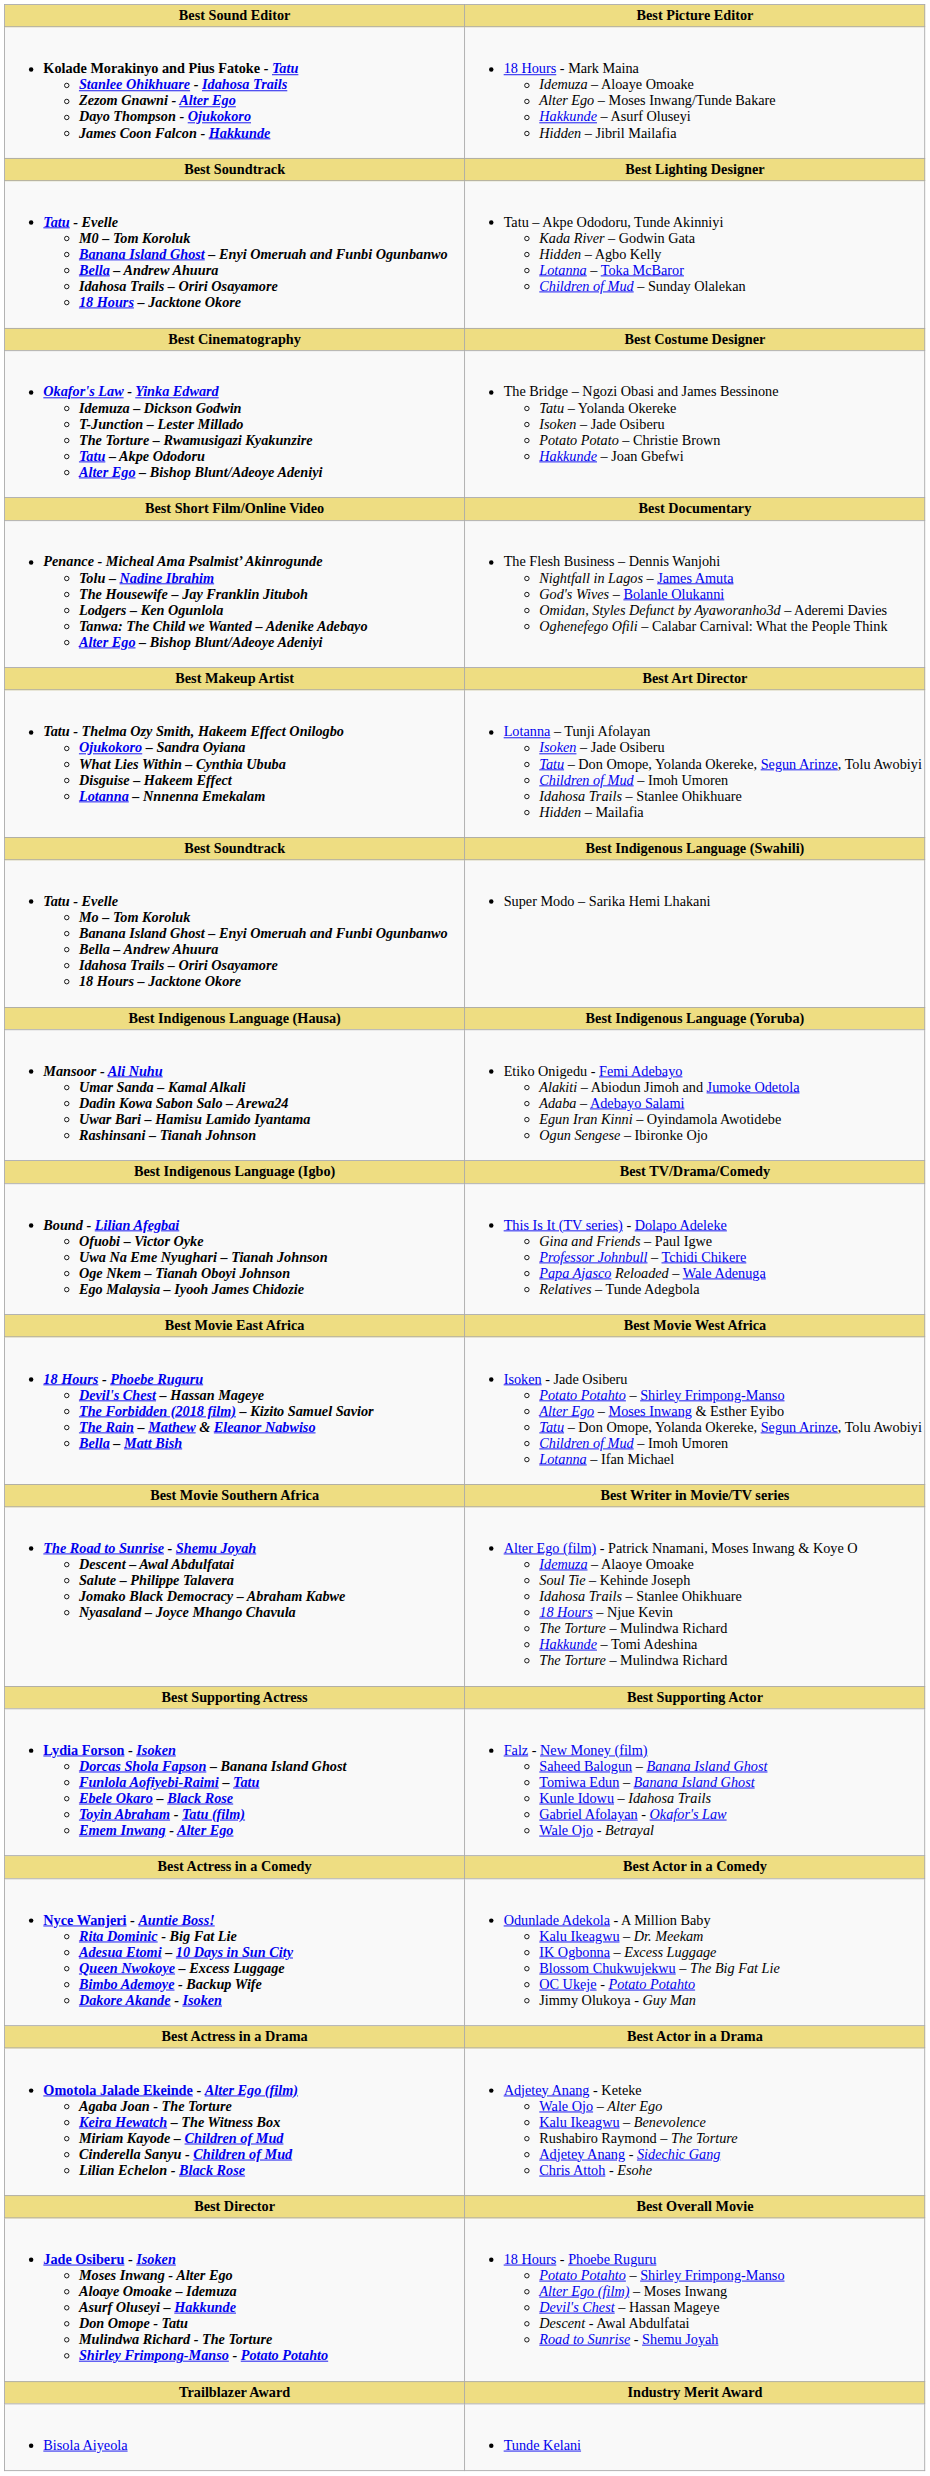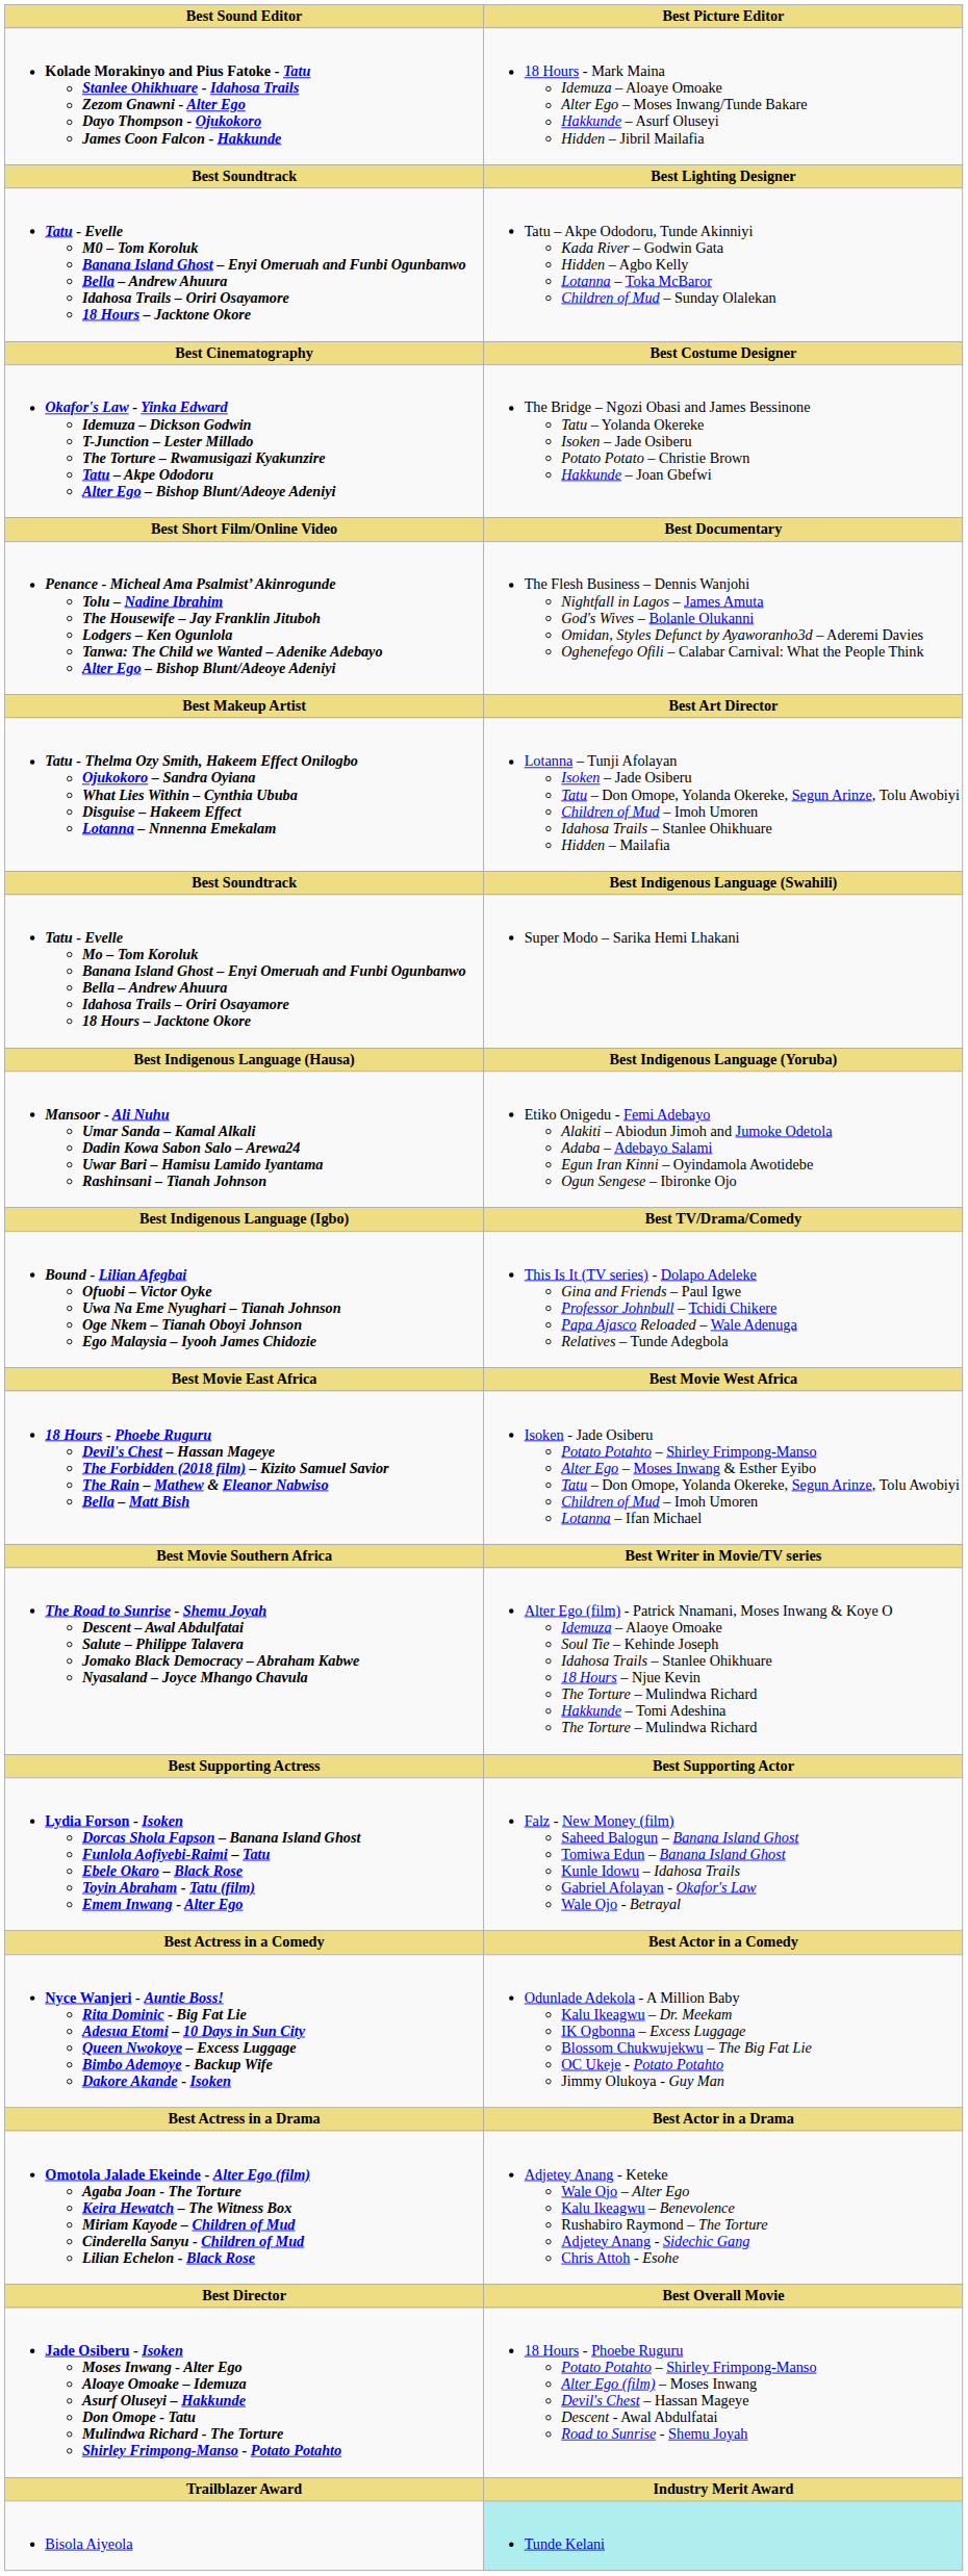 <table class="wikitable">
 <tr>
 <th style="background:#EEDD82; width:50%">Best Sound Editor</th>
 <th style="background:#EEDD82; width:50%">Best Picture Editor</th>
 </tr>
 <tr>
 <td valign="top"><br><ul><li><strong>Kolade Morakinyo and Pius Fatoke<em> - <a href='#'>Tatu</a><strong><em><ul><li><a href='#'>Stanlee Ohikhuare</a> - </em><a href='#'>Idahosa Trails</a><em></li><li>Zezom Gnawni - </em><a href='#'>Alter Ego</a><em></li><li>Dayo Thompson - </em><a href='#'>Ojukokoro</a><em></li><li>James Coon Falcon - </em><a href='#'>Hakkunde</a><em></li></ul></li></ul></td>
 <td valign="top"><br><ul><li></em></strong><a href='#'>18 Hours</a></em> - Mark Maina</strong><ul><li><em>Idemuza</em> – Aloaye Omoake</li><li><em>Alter Ego</em> – Moses Inwang/Tunde Bakare</li><li><em><a href='#'>Hakkunde</a></em> – Asurf Oluseyi</li><li><em>Hidden</em> – Jibril Mailafia</li></ul></li></ul></td>
 </tr>
 <tr>
 <th style="background:#EEDD82; width:50%">Best Soundtrack</th>
 <th style="background:#EEDD82; width:50%">Best Lighting Designer</th>
 </tr>
 <tr>
 <td valign="top"><br><ul><li><strong><em><a href='#'>Tatu</a><em> - Evelle<strong><ul><li></em>M0<em> – Tom Koroluk</li><li></em><a href='#'>Banana Island Ghost</a><em> – Enyi Omeruah and Funbi Ogunbanwo</li><li></em><a href='#'>Bella</a><em> – Andrew Ahuura</li><li></em>Idahosa Trails<em> – Oriri Osayamore</li><li></em><a href='#'>18 Hours</a><em> – Jacktone Okore</li></ul></li></ul></td>
 <td valign="top"><br><ul><li></em></strong>Tatu</em> – Akpe Ododoru, Tunde Akinniyi</strong><ul><li><em>Kada River</em> – Godwin Gata</li><li><em>Hidden</em> – Agbo Kelly</li><li><em><a href='#'>Lotanna</a></em> – <a href='#'>Toka McBaror</a></li><li><em><a href='#'>Children of Mud</a></em> – Sunday Olalekan</li></ul></li></ul></td>
 </tr>
 <tr>
 <th style="background:#EEDD82; width:50%">Best Cinematography</th>
 <th style="background:#EEDD82; width:50%">Best Costume Designer</th>
 </tr>
 <tr>
 <td valign="top"><br><ul><li><strong><em><a href='#'>Okafor's Law</a><em> - <a href='#'>Yinka Edward</a><strong><ul><li></em>Idemuza<em> – Dickson Godwin</li><li></em>T-Junction<em> – Lester Millado</li><li></em>The Torture<em> – Rwamusigazi Kyakunzire</li><li></em><a href='#'>Tatu</a><em> – Akpe Ododoru</li><li></em><a href='#'>Alter Ego</a><em> – Bishop Blunt/Adeoye Adeniyi</li></ul></li></ul></td>
 <td valign="top"><br><ul><li></em></strong>The Bridge</em> – Ngozi Obasi and James Bessinone</strong><ul><li><em>Tatu</em> – Yolanda Okereke</li><li><em>Isoken</em> – Jade Osiberu</li><li><em>Potato Potato</em> – Christie Brown</li><li><em><a href='#'>Hakkunde</a></em> – Joan Gbefwi</li></ul></li></ul></td>
 </tr>
 <tr>
 <th style="background:#EEDD82; width:50%">Best Short Film/Online Video</th>
 <th style="background:#EEDD82; width:50%">Best Documentary</th>
 </tr>
 <tr>
 <td valign="top"><br><ul><li><strong><em>Penance<em> - Micheal Ama Psalmist’ Akinrogunde<strong><ul><li></em>Tolu<em> – <a href='#'>Nadine Ibrahim</a></li><li></em>The Housewife<em> – Jay Franklin Jituboh</li><li></em>Lodgers<em> – Ken Ogunlola</li><li></em>Tanwa: The Child we Wanted<em> – Adenike Adebayo</li><li></em><a href='#'>Alter Ego</a><em> – Bishop Blunt/Adeoye Adeniyi</li></ul></li></ul></td>
 <td valign="top"><br><ul><li></em></strong>The Flesh Business</em> – Dennis Wanjohi</strong><ul><li><em>Nightfall in Lagos</em> – <a href='#'>James Amuta</a></li><li><em>God's Wives</em> – <a href='#'>Bolanle Olukanni</a></li><li><em>Omidan, Styles Defunct by Ayaworanho3d</em> – Aderemi Davies</li><li><em>Oghenefego Ofili</em> – Calabar Carnival: What the People Think</li></ul></li></ul></td>
 </tr>
 <tr>
 <th style="background:#EEDD82; width:50%">Best Makeup Artist</th>
 <th style="background:#EEDD82; width:50%">Best Art Director</th>
 </tr>
 <tr>
 <td valign="top"><br><ul><li><strong><em>Tatu<em> - Thelma Ozy Smith, Hakeem Effect Onilogbo<strong><ul><li></em><a href='#'>Ojukokoro</a><em> – Sandra Oyiana</li><li></em>What Lies Within<em> – Cynthia Ububa</li><li></em>Disguise<em> – Hakeem Effect</li><li></em><a href='#'>Lotanna</a><em> – Nnnenna Emekalam</li></ul></li></ul></td>
 <td valign="top"><br><ul><li></em></strong><a href='#'>Lotanna</a></em> – Tunji Afolayan</strong><ul><li><em><a href='#'>Isoken</a></em> – Jade Osiberu</li><li><em><a href='#'>Tatu</a></em> – Don Omope, Yolanda Okereke, <a href='#'>Segun Arinze</a>, Tolu Awobiyi</li><li><em><a href='#'>Children of Mud</a></em> – Imoh Umoren</li><li><em>Idahosa Trails</em> – Stanlee Ohikhuare</li><li><em>Hidden</em> – Mailafia</li></ul></li></ul></td>
 </tr>
 <tr>
 <th style="background:#EEDD82; width:50%">Best Soundtrack</th>
 <th style="background:#EEDD82; width:50%">Best Indigenous Language (Swahili)</th>
 </tr>
 <tr>
 <td valign="top"><br><ul><li><strong><em>Tatu<em> - Evelle<strong><ul><li></em>Mo<em> – Tom Koroluk</li><li></em>Banana Island Ghost<em> – Enyi Omeruah and Funbi Ogunbanwo</li><li></em>Bella<em> – Andrew Ahuura</li><li></em>Idahosa Trails<em> – Oriri Osayamore</li><li></em>18 Hours<em> – Jacktone Okore</li></ul></li></ul></td>
 <td valign="top"><br><ul><li></em></strong>Super Modo</em> – Sarika Hemi Lhakani</strong></li></ul></td>
 </tr>
 <tr>
 <th style="background:#EEDD82; width:50%">Best Indigenous Language (Hausa)</th>
 <th style="background:#EEDD82; width:50%">Best Indigenous Language (Yoruba)</th>
 </tr>
 <tr>
 <td valign="top"><br><ul><li><strong><em>Mansoor<em> - <a href='#'>Ali Nuhu</a><strong><ul><li></em>Umar Sanda<em> – Kamal Alkali</li><li></em>Dadin Kowa Sabon Salo<em> – Arewa24</li><li></em>Uwar Bari<em> – Hamisu Lamido Iyantama</li><li></em>Rashinsani<em> – Tianah Johnson</li></ul></li></ul></td>
 <td valign="top"><br><ul><li></em></strong>Etiko Onigedu</em> - <a href='#'>Femi Adebayo</a></strong><ul><li><em>Alakiti</em> – Abiodun Jimoh and <a href='#'>Jumoke Odetola</a></li><li><em>Adaba</em> – <a href='#'>Adebayo Salami</a></li><li><em>Egun Iran Kinni</em> – Oyindamola Awotidebe</li><li><em>Ogun Sengese</em> – Ibironke Ojo</li></ul></li></ul></td>
 </tr>
 <tr>
 <th style="background:#EEDD82; width:50%">Best Indigenous Language (Igbo)</th>
 <th style="background:#EEDD82; width:50%">Best TV/Drama/Comedy</th>
 </tr>
 <tr>
 <td valign="top"><br><ul><li><strong><em>Bound<em> - <a href='#'>Lilian Afegbai</a><strong><ul><li></em>Ofuobi<em> – Victor Oyke</li><li></em>Uwa Na Eme Nyughari<em> – Tianah Johnson</li><li></em>Oge Nkem<em> – Tianah Oboyi Johnson</li><li></em>Ego Malaysia<em> – Iyooh James Chidozie</li></ul></li></ul></td>
 <td valign="top"><br><ul><li></em></strong><a href='#'>This Is It (TV series)</a></em> - <a href='#'>Dolapo Adeleke</a></strong><ul><li><em>Gina and Friends</em> – Paul Igwe</li><li><em><a href='#'>Professor Johnbull</a></em> – <a href='#'>Tchidi Chikere</a></li><li><em><a href='#'>Papa Ajasco</a> Reloaded</em> – <a href='#'>Wale Adenuga</a></li><li><em>Relatives</em> – Tunde Adegbola</li></ul></li></ul></td>
 </tr>
 <tr>
 <th style="background:#EEDD82; width:50%">Best Movie East Africa</th>
 <th style="background:#EEDD82; width:50%">Best Movie West Africa</th>
 </tr>
 <tr>
 <td valign="top"><br><ul><li><strong><em><a href='#'>18 Hours</a><em> - <a href='#'>Phoebe Ruguru</a><strong><ul><li></em><a href='#'>Devil's Chest</a><em> – Hassan Mageye</li><li></em><a href='#'>The Forbidden (2018 film)</a><em> – Kizito Samuel Savior</li><li></em><a href='#'>The Rain</a><em> – <a href='#'>Mathew</a> & <a href='#'>Eleanor Nabwiso</a></li><li></em><a href='#'>Bella</a><em> – <a href='#'>Matt Bish</a></li></ul></li></ul></td>
 <td valign="top"><br><ul><li></em></strong><a href='#'>Isoken</a></em> - Jade Osiberu</strong><ul><li><em><a href='#'>Potato Potahto</a></em> – <a href='#'>Shirley Frimpong-Manso</a></li><li><em><a href='#'>Alter Ego</a></em> – <a href='#'>Moses Inwang</a> & Esther Eyibo</li><li><em><a href='#'>Tatu</a></em> – Don Omope, Yolanda Okereke, <a href='#'>Segun Arinze</a>, Tolu Awobiyi</li><li><em><a href='#'>Children of Mud</a></em> – Imoh Umoren</li><li><em><a href='#'>Lotanna</a></em> – Ifan Michael</li></ul></li></ul></td>
 </tr>
 <tr>
 <th style="background:#EEDD82; width:50%">Best Movie Southern Africa</th>
 <th style="background:#EEDD82; width:50%">Best Writer in Movie/TV series</th>
 </tr>
 <tr>
 <td valign="top"><br><ul><li><strong><em><a href='#'>The Road to Sunrise</a><em> - <a href='#'>Shemu Joyah</a><strong><ul><li></em>Descent<em> – Awal Abdulfatai</li><li></em>Salute<em> – Philippe Talavera</li><li></em>Jomako Black Democracy<em> – Abraham Kabwe</li><li></em>Nyasaland<em> – Joyce Mhango Chavula</li></ul></li></ul></td>
 <td valign="top"><br><ul><li></em></strong><a href='#'>Alter Ego (film)</a></em> - Patrick Nnamani, Moses Inwang & Koye O</strong><ul><li><em><a href='#'>Idemuza</a></em> – Alaoye Omoake</li><li><em>Soul Tie</em> – Kehinde Joseph</li><li><em>Idahosa Trails</em> – Stanlee Ohikhuare</li><li><em><a href='#'>18 Hours</a></em> – Njue Kevin</li><li><em>The Torture</em> – Mulindwa Richard</li><li><em><a href='#'>Hakkunde</a></em> – Tomi Adeshina</li><li><em>The Torture</em> – Mulindwa Richard</li></ul></li></ul></td>
 </tr>
 <tr>
 <th style="background:#EEDD82; width:50%">Best Supporting Actress</th>
 <th style="background:#EEDD82; width:50%">Best Supporting Actor</th>
 </tr>
 <tr>
 <td valign="top"><br><ul><li><strong><a href='#'>Lydia Forson</a> - <em><a href='#'>Isoken</a><strong><em><ul><li><a href='#'>Dorcas Shola Fapson</a> – </em>Banana Island Ghost<em></li><li><a href='#'>Funlola Aofiyebi-Raimi</a> – </em><a href='#'>Tatu</a><em></li><li><a href='#'>Ebele Okaro</a> – </em><a href='#'>Black Rose</a><em></li><li><a href='#'>Toyin Abraham</a> - </em><a href='#'>Tatu (film)</a><em></li><li><a href='#'>Emem Inwang</a> - </em><a href='#'>Alter Ego</a><em></li></ul></li></ul></td>
 <td valign="top"><br><ul><li></strong><a href='#'>Falz</a> - </em><a href='#'>New Money (film)</a></em></strong><ul><li><a href='#'>Saheed Balogun</a> – <em><a href='#'>Banana Island Ghost</a></em></li><li><a href='#'>Tomiwa Edun</a> – <em><a href='#'>Banana Island Ghost</a></em></li><li><a href='#'>Kunle Idowu</a> – <em>Idahosa Trails</em></li><li><a href='#'>Gabriel Afolayan</a> - <em><a href='#'>Okafor's Law</a></em></li><li><a href='#'>Wale Ojo</a> - <em>Betrayal</em></li></ul></li></ul></td>
 </tr>
 <tr>
 <th style="background:#EEDD82; width:50%">Best Actress in a Comedy</th>
 <th style="background:#EEDD82; width:50%">Best Actor in a Comedy</th>
 </tr>
 <tr>
 <td valign="top"><br><ul><li><strong><a href='#'>Nyce Wanjeri</a> - <em><a href='#'>Auntie Boss!</a><strong><em><ul><li><a href='#'>Rita Dominic</a> - </em>Big Fat Lie<em></li><li><a href='#'>Adesua Etomi</a> – </em><a href='#'>10 Days in Sun City</a><em></li><li><a href='#'>Queen Nwokoye</a> – </em>Excess Luggage<em></li><li><a href='#'>Bimbo Ademoye</a> - </em>Backup Wife<em></li><li><a href='#'>Dakore Akande</a> - </em><a href='#'>Isoken</a><em></li></ul></li></ul></td>
 <td valign="top"><br><ul><li></strong><a href='#'>Odunlade Adekola</a> - </em>A Million Baby</em></strong><ul><li><a href='#'>Kalu Ikeagwu</a> – <em>Dr. Meekam</em></li><li><a href='#'>IK Ogbonna</a> – <em>Excess Luggage</em></li><li><a href='#'>Blossom Chukwujekwu</a> – <em>The Big Fat Lie</em></li><li><a href='#'>OC Ukeje</a> - <em><a href='#'>Potato Potahto</a></em></li><li>Jimmy Olukoya - <em>Guy Man</em></li></ul></li></ul></td>
 </tr>
 <tr>
 <th style="background:#EEDD82; width:50%">Best Actress in a Drama</th>
 <th style="background:#EEDD82; width:50%">Best Actor in a Drama</th>
 </tr>
 <tr>
 <td valign="top"><br><ul><li><strong><a href='#'>Omotola Jalade Ekeinde</a> - <em><a href='#'>Alter Ego (film)</a><strong><em><ul><li>Agaba Joan - </em>The Torture<em></li><li><a href='#'>Keira Hewatch</a> – </em>The Witness Box<em></li><li>Miriam Kayode – </em><a href='#'>Children of Mud</a><em></li><li>Cinderella Sanyu - </em><a href='#'>Children of Mud</a><em></li><li>Lilian Echelon - </em><a href='#'>Black Rose</a><em></li></ul></li></ul></td>
 <td valign="top"><br><ul><li></strong><a href='#'>Adjetey Anang</a> - </em>Keteke</em></strong><ul><li><a href='#'>Wale Ojo</a> – <em>Alter Ego</em></li><li><a href='#'>Kalu Ikeagwu</a> – <em>Benevolence</em></li><li>Rushabiro Raymond – <em>The Torture</em></li><li><a href='#'>Adjetey Anang</a> - <em><a href='#'>Sidechic Gang</a></em></li><li><a href='#'>Chris Attoh</a> - <em>Esohe</em></li></ul></li></ul></td>
 </tr>
 <tr>
 <th style="background:#EEDD82; width:50%">Best Director</th>
 <th style="background:#EEDD82; width:50%">Best Overall Movie</th>
 </tr>
 <tr>
 <td valign="top"><br><ul><li><strong><a href='#'>Jade Osiberu</a> - <em><a href='#'>Isoken</a><strong><em><ul><li>Moses Inwang - </em>Alter Ego<em></li><li>Aloaye Omoake – </em>Idemuza<em></li><li>Asurf Oluseyi – </em><a href='#'>Hakkunde</a><em></li><li>Don Omope - </em>Tatu<em></li><li>Mulindwa Richard - </em>The Torture<em></li><li><a href='#'>Shirley Frimpong-Manso</a> - </em><a href='#'>Potato Potahto</a><em></li></ul></li></ul></td>
 <td valign="top"><br><ul><li></em></strong><a href='#'>18 Hours</a></em> - <a href='#'>Phoebe Ruguru</a></strong><ul><li><em><a href='#'>Potato Potahto</a></em> – <a href='#'>Shirley Frimpong-Manso</a></li><li><em><a href='#'>Alter Ego (film)</a></em> – Moses Inwang</li><li><em><a href='#'>Devil's Chest</a></em> – Hassan Mageye</li><li><em>Descent</em> - Awal Abdulfatai</li><li><em><a href='#'>Road to Sunrise</a></em> - <a href='#'>Shemu Joyah</a></li></ul></li></ul></td>
 </tr>
 <tr>
 <th style="background:#EEDD82; width:50%">Trailblazer Award</th>
 <th style="background:#EEDD82; width:50%">Industry Merit Award</th>
 </tr>
 <tr>
 <td valign="top"><br><ul><li><a href='#'>Bisola Aiyeola</a></li></ul></td>
-<td valign="top"><br><ul><li><a href='#'>Tunde Kelani</a></li></ul></td>
+<td valign="top" style="background: paleturquoise;"><br><ul><li><a href='#'>Tunde Kelani</a></li></ul></td>
 </tr>
 </table>
